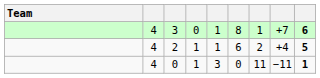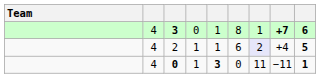 <table class="wikitable" style="text-align: center;">
 <tr>
 <th width=165 style="text-align:left;">Team</th>
 <th width=20></th>
 <th width=20></th>
 <th width=20></th>
 <th width=20></th>
 <th width=20></th>
 <th width=20></th>
 <th width=20></th>
 <th width=20></th>
 </tr>
 <tr style="background:#ccffcc;">
 <td style="text-align:left;"></td>
 <td>4</td>
-<td>3</td>
+<td><strong>3</strong></td>
 <td>0</td>
 <td>1</td>
 <td>8</td>
 <td>1</td>
-<td>+7</td>
+<td><strong>+7</strong></td>
 <td><strong>6</strong></td>
 </tr>
 <tr>
 <td style="text-align:left;"></td>
 <td>4</td>
 <td>2</td>
 <td>1</td>
 <td>1</td>
 <td>6</td>
-<td>2</td>
+<td style="background: lavender;">2</td>
 <td>+4</td>
 <td><strong>5</strong></td>
 </tr>
 <tr>
 <td style="text-align:left;"></td>
 <td>4</td>
-<td>0</td>
+<td><strong>0</strong></td>
 <td>1</td>
-<td>3</td>
+<td><strong>3</strong></td>
 <td>0</td>
 <td>11</td>
 <td>−11</td>
 <td><strong>1</strong></td>
 </tr>
 </table>
